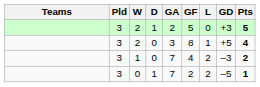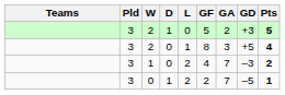 <table class="wikitable" style="text-align: center;">
 <tr>
 <th width=165>Teams</th>
 <th width=20>Pld</th>
 <th width=20>W</th>
 <th width=20>D</th>
+<th width=20>L</th>
+<th width=20>GF</th>
 <th width=20>GA</th>
-<th width=20>GF</th>
-<th width=20>L</th>
 <th width=20>GD</th>
 <th width=20>Pts</th>
 </tr>
 <tr align=center style="background:#ccffcc;">
 <td style="text-align:left;"></td>
 <td>3</td>
 <td>2</td>
 <td>1</td>
+<td>0</td>
+<td>5</td>
 <td>2</td>
-<td>5</td>
-<td>0</td>
 <td>+3</td>
 <td><strong>5</strong></td>
 </tr>
 <tr align=center>
 <td style="text-align:left;"></td>
 <td>3</td>
 <td>2</td>
 <td>0</td>
+<td>1</td>
+<td>8</td>
 <td>3</td>
-<td>8</td>
-<td>1</td>
 <td>+5</td>
 <td><strong>4</strong></td>
 </tr>
 <tr align=center>
 <td style="text-align:left;"></td>
 <td>3</td>
 <td>1</td>
 <td>0</td>
+<td>2</td>
+<td>4</td>
 <td>7</td>
-<td>4</td>
-<td>2</td>
 <td>–3</td>
 <td><strong>2</strong></td>
 </tr>
 <tr align=center>
 <td style="text-align:left;"></td>
 <td>3</td>
 <td>0</td>
 <td>1</td>
-<td>7</td>
 <td>2</td>
 <td>2</td>
+<td>7</td>
 <td>–5</td>
 <td><strong>1</strong></td>
 </tr>
 </table>
